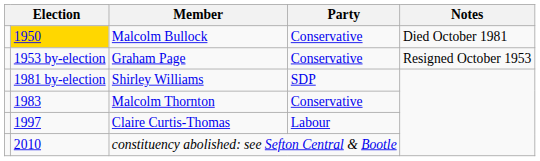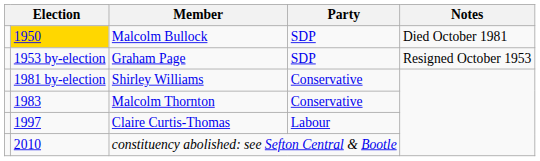 <table class="wikitable">
 <tr>
 <th colspan=2>Election</th>
 <th>Member</th>
 <th>Party</th>
 <th>Notes</th>
 </tr>
 <tr>
 <td style="color:inherit;background-color: "></td>
 <td style="background: gold;"><a href='#'>1950</a></td>
 <td><a href='#'>Malcolm Bullock</a></td>
-<td><a href='#'>Conservative</a></td>
+<td><a href='#'>SDP</a></td>
 <td>Died October 1981</td>
 </tr>
 <tr>
 <td style="color:inherit;background-color: "></td>
 <td><a href='#'>1953 by-election</a></td>
 <td><a href='#'>Graham Page</a></td>
-<td><a href='#'>Conservative</a></td>
+<td><a href='#'>SDP</a></td>
 <td>Resigned October 1953</td>
 </tr>
 <tr>
 <td style="color:inherit;background-color: "></td>
 <td><a href='#'>1981 by-election</a></td>
 <td><a href='#'>Shirley Williams</a></td>
-<td><a href='#'>SDP</a></td>
+<td><a href='#'>Conservative</a></td>
 </tr>
 <tr>
 <td style="color:inherit;background-color: "></td>
 <td><a href='#'>1983</a></td>
 <td><a href='#'>Malcolm Thornton</a></td>
 <td><a href='#'>Conservative</a></td>
 </tr>
 <tr>
 <td style="color:inherit;background-color: "></td>
 <td><a href='#'>1997</a></td>
 <td><a href='#'>Claire Curtis-Thomas</a></td>
 <td><a href='#'>Labour</a></td>
 </tr>
 <tr>
 <td></td>
 <td><a href='#'>2010</a></td>
 <td colspan="2"><em>constituency abolished: see <a href='#'>Sefton Central</a> & <a href='#'>Bootle</a></em></td>
 </tr>
 </table>
